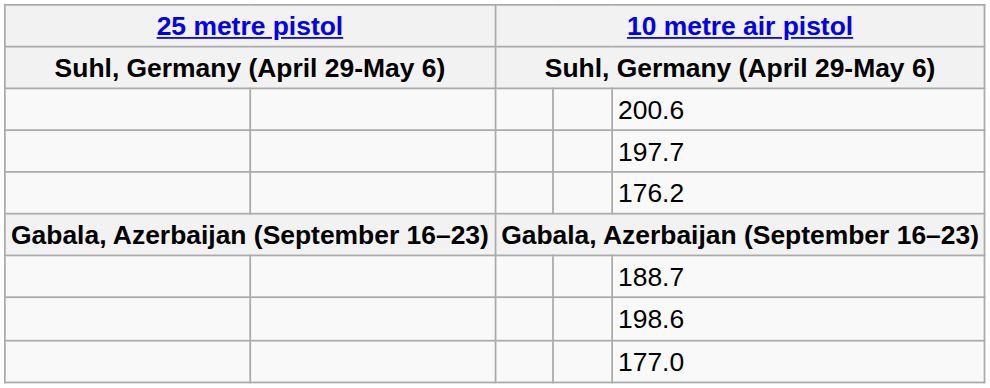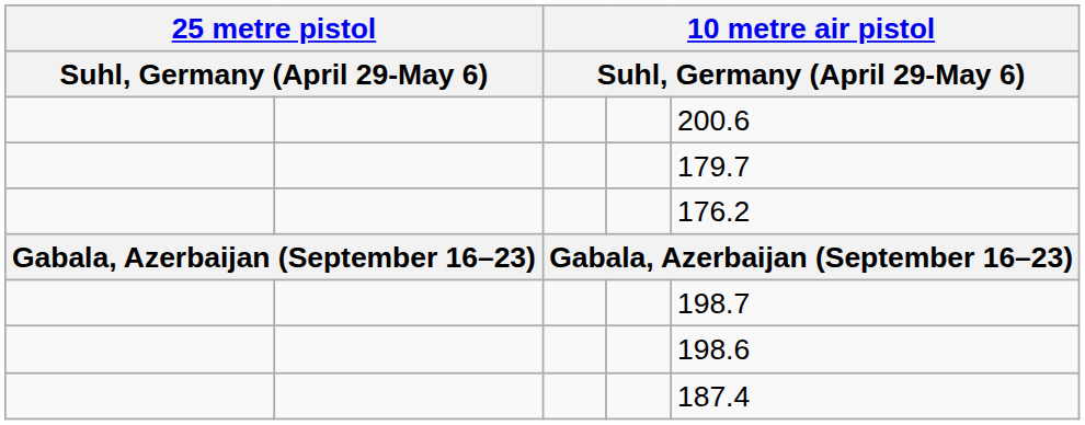 <table class="wikitable" style="font-size: 95%">
 <tr>
 <th colspan="2"><a href='#'>25 metre pistol</a></th>
 <th colspan="3"><a href='#'>10 metre air pistol</a></th>
 </tr>
 <tr>
 <th colspan="2">Suhl, Germany (April 29-May 6)</th>
 <th colspan="3">Suhl, Germany (April 29-May 6)</th>
 </tr>
 <tr>
 <td></td>
 <td></td>
 <td></td>
 <td></td>
 <td>200.6</td>
 </tr>
 <tr>
 <td></td>
 <td></td>
 <td></td>
 <td></td>
-<td>197.7</td>
+<td>179.7</td>
 </tr>
 <tr>
 <td></td>
 <td></td>
 <td></td>
 <td></td>
 <td>176.2</td>
 </tr>
 <tr>
 <th colspan="2">Gabala, Azerbaijan (September 16–23)</th>
 <th colspan="3">Gabala, Azerbaijan (September 16–23)</th>
 </tr>
 <tr>
 <td></td>
 <td></td>
 <td></td>
 <td></td>
-<td>188.7</td>
+<td>198.7</td>
 </tr>
 <tr>
 <td></td>
 <td></td>
 <td></td>
 <td></td>
 <td>198.6</td>
 </tr>
 <tr>
 <td></td>
 <td></td>
 <td></td>
 <td></td>
-<td>177.0</td>
+<td>187.4</td>
 </tr>
 </table>
